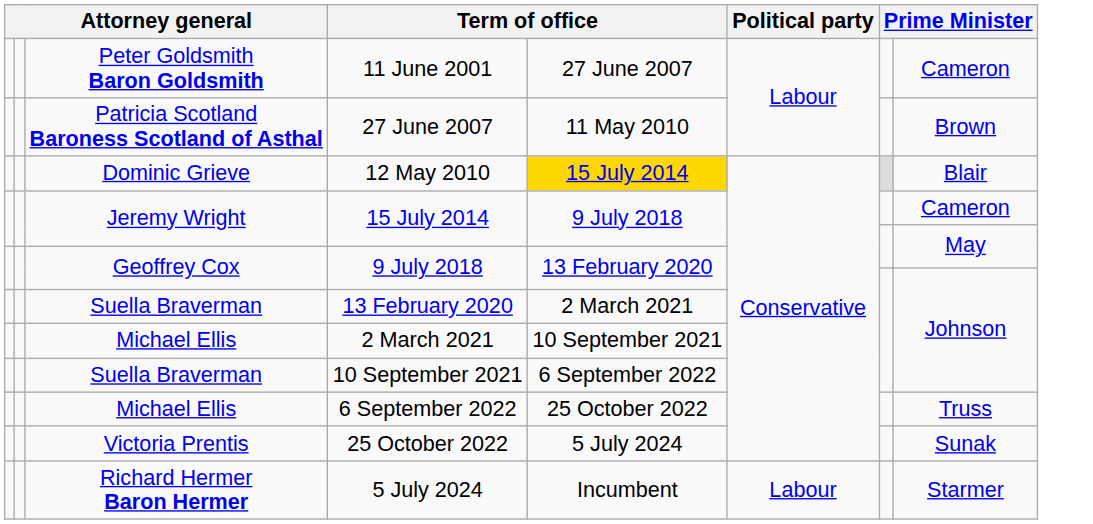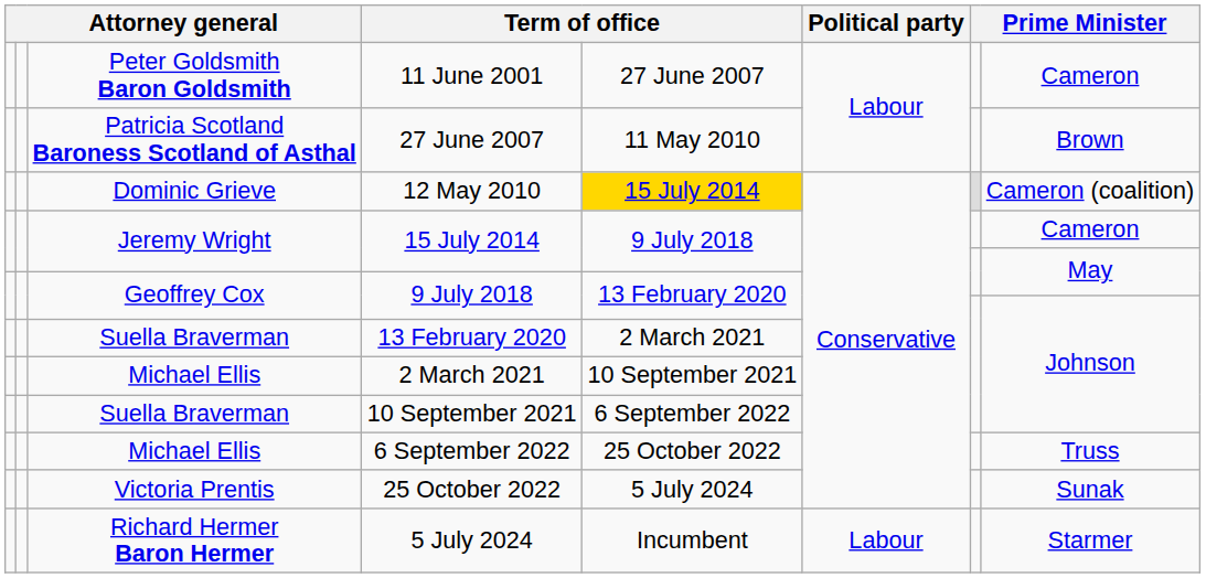 <table class="wikitable" style="text-align:center">
 <tr>
 <th colspan=3>Attorney general</th>
 <th colspan=2>Term of office</th>
 <th>Political party</th>
 <th colspan=2><a href='#'>Prime Minister</a></th>
 </tr>
 <tr style="height:1em">
 <td style="background-color:"></td>
 <td></td>
 <td><a href='#'>Peter Goldsmith<br><strong>Baron Goldsmith</strong></a> </td>
 <td>11 June 2001</td>
 <td>27 June 2007</td>
 <td rowspan=2><a href='#'>Labour</a></td>
 <td style="background-color:"></td>
 <td><a href='#'>Cameron</a></td>
 </tr>
 <tr style="height:1em">
 <td style="background-color:"></td>
 <td></td>
 <td><a href='#'>Patricia Scotland<br><strong>Baroness Scotland of Asthal</strong></a> </td>
 <td>27 June 2007</td>
 <td>11 May 2010</td>
 <td style="background-color:"></td>
 <td><a href='#'>Brown</a></td>
 </tr>
 <tr style="height:1em">
 <td style="background-color:"></td>
 <td></td>
 <td><a href='#'>Dominic Grieve</a><br></td>
 <td>12 May 2010</td>
 <td style="background: gold;"><a href='#'>15 July 2014</a></td>
 <td rowspan=10><a href='#'>Conservative</a></td>
 <td style="background-color:#DDDDDD"></td>
-<td><a href='#'>Blair</a></td>
+<td><a href='#'>Cameron</a> (coalition)</td>
 </tr>
 <tr style="height:1em">
 <td rowspan=2 style="background-color:"></td>
 <td rowspan=2></td>
 <td rowspan=2><a href='#'>Jeremy Wright</a><br></td>
 <td rowspan=2><a href='#'>15 July 2014</a></td>
 <td rowspan=2><a href='#'>9 July 2018</a></td>
 <td style="background-color:"></td>
 <td><a href='#'>Cameron</a></td>
 </tr>
 <tr style="height:1em">
 <td rowspan=2 style="background-color:"></td>
 <td rowspan=2><a href='#'>May</a></td>
 </tr>
 <tr style="height:1em">
 <td rowspan=2 style="background-color:"></td>
 <td rowspan=2></td>
 <td rowspan=2><a href='#'>Geoffrey Cox</a><br></td>
 <td rowspan=2><a href='#'> 9 July 2018</a></td>
 <td rowspan=2><a href='#'>13 February 2020</a></td>
 </tr>
 <tr style="height:1em">
 <td rowspan=4 style="background-color:"></td>
 <td rowspan=4><a href='#'>Johnson</a></td>
 </tr>
 <tr style="height:1em">
 <td style="background-color:"></td>
 <td></td>
 <td><a href='#'>Suella Braverman</a><br></td>
 <td><a href='#'>13 February 2020</a></td>
 <td>2 March 2021</td>
 </tr>
 <tr style="height:1em">
 <td style="background-color:"></td>
 <td></td>
 <td><a href='#'>Michael Ellis</a><br></td>
 <td>2 March 2021</td>
 <td>10 September 2021</td>
 </tr>
 <tr style="height:1em">
 <td style="background-color:"></td>
 <td></td>
 <td><a href='#'>Suella Braverman</a><br></td>
 <td>10 September 2021</td>
 <td>6 September 2022</td>
 </tr>
 <tr style="height:1em">
 <td style="background-color:"></td>
 <td></td>
 <td><a href='#'>Michael Ellis</a><br></td>
 <td>6 September 2022</td>
 <td>25 October 2022</td>
 <td style="background-color:"></td>
 <td><a href='#'>Truss</a></td>
 </tr>
 <tr style="height:1em">
 <td style="background-color:"></td>
 <td></td>
 <td><a href='#'>Victoria Prentis</a><br></td>
 <td>25 October 2022</td>
 <td>5 July 2024</td>
 <td style="background-color:"></td>
 <td><a href='#'>Sunak</a></td>
 </tr>
 <tr style="height:1em">
 <td style="background-color:"></td>
 <td></td>
 <td><a href='#'>Richard Hermer<br><strong>Baron Hermer</strong></a><br> </td>
 <td>5 July 2024</td>
 <td>Incumbent</td>
 <td rowspan=2><a href='#'>Labour</a></td>
 <td style="background-color:"></td>
 <td><a href='#'>Starmer</a></td>
 </tr>
 </table>
